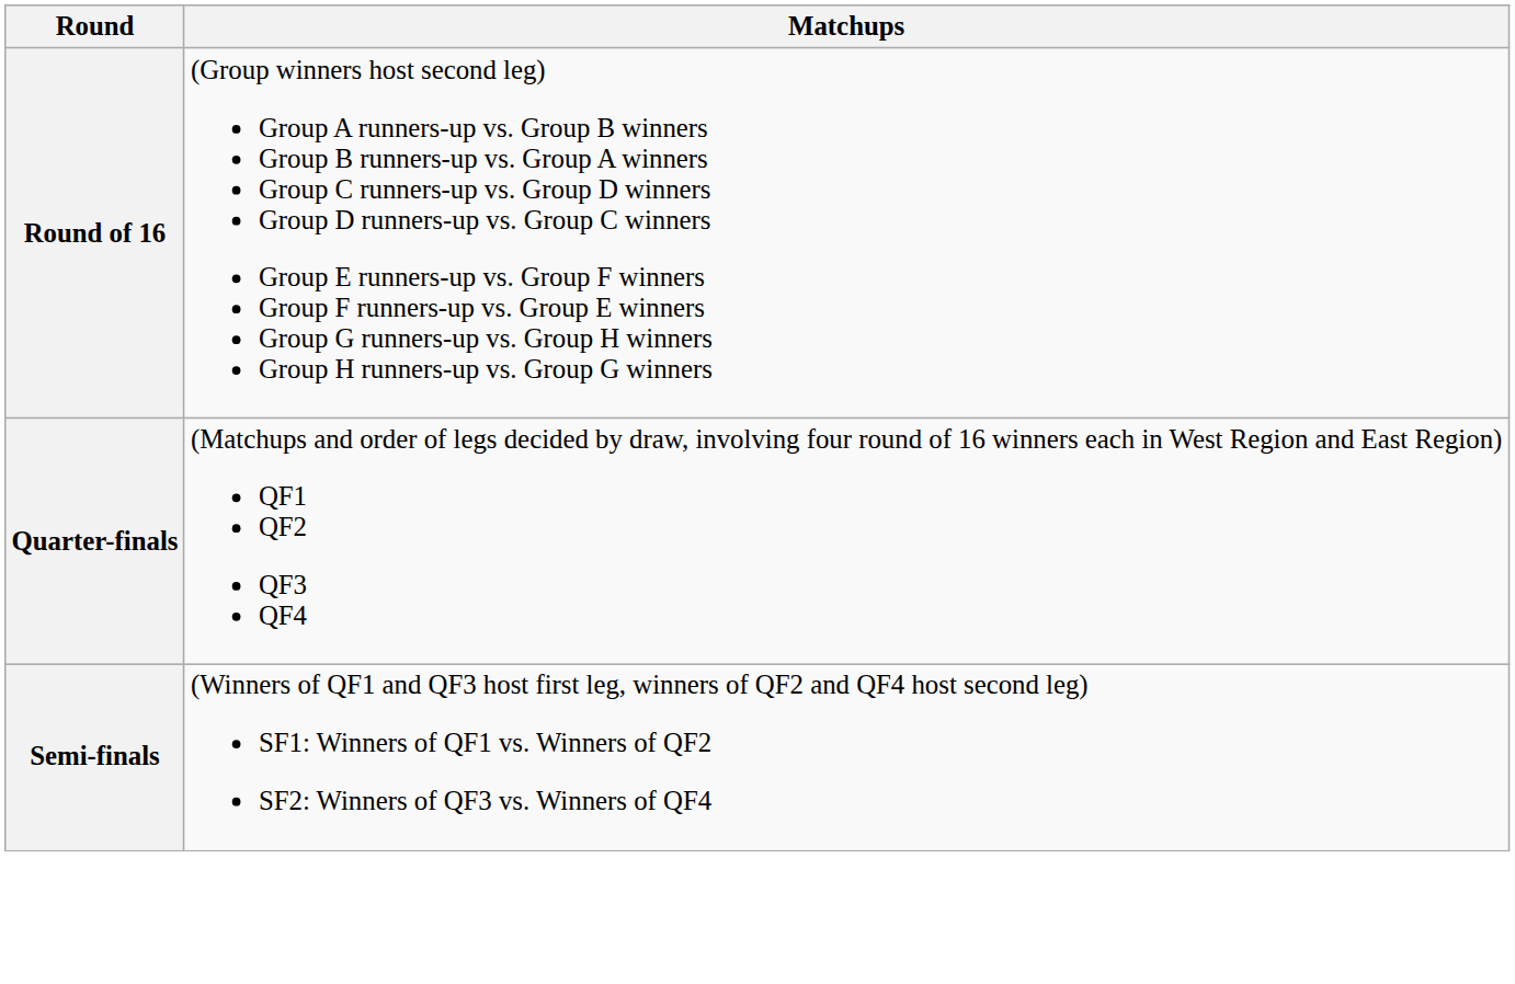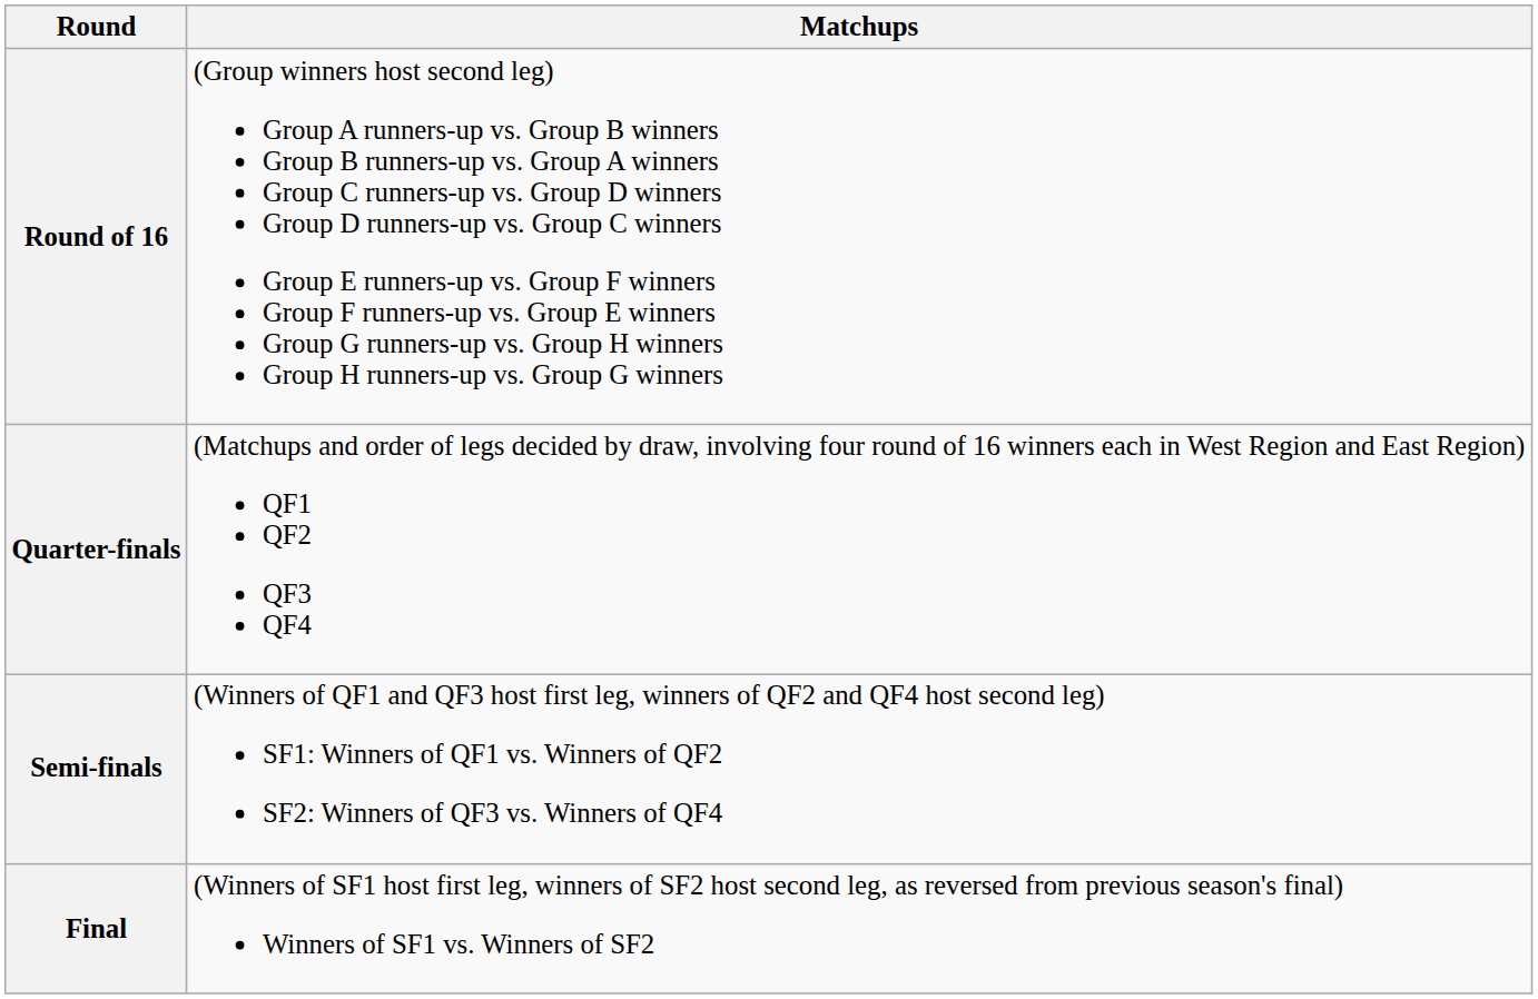 <table class=wikitable>
 <tr>
 <th>Round</th>
 <th>Matchups</th>
 </tr>
 <tr>
 <th>Round of 16</th>
 <td>(Group winners host second leg)<br> <ul><li>Group A runners-up vs. Group B winners</li><li>Group B runners-up vs. Group A winners</li><li>Group C runners-up vs. Group D winners</li><li>Group D runners-up vs. Group C winners</li></ul><ul><li>Group E runners-up vs. Group F winners</li><li>Group F runners-up vs. Group E winners</li><li>Group G runners-up vs. Group H winners</li><li>Group H runners-up vs. Group G winners</li></ul></td>
 </tr>
 <tr>
 <th>Quarter-finals</th>
 <td>(Matchups and order of legs decided by draw, involving four round of 16 winners each in West Region and East Region)<br> <ul><li>QF1</li><li>QF2</li></ul><ul><li>QF3</li><li>QF4</li></ul></td>
 </tr>
 <tr>
 <th>Semi-finals</th>
 <td>(Winners of QF1 and QF3 host first leg, winners of QF2 and QF4 host second leg)<br> <ul><li>SF1: Winners of QF1 vs. Winners of QF2</li></ul><ul><li>SF2: Winners of QF3 vs. Winners of QF4</li></ul></td>
 </tr>
+<tr>
+<th>Final</th>
+<td>(Winners of SF1 host first leg, winners of SF2 host second leg, as reversed from previous season's final)<br><ul><li>Winners of SF1 vs. Winners of SF2</li></ul></td>
+</tr>
 </table>
